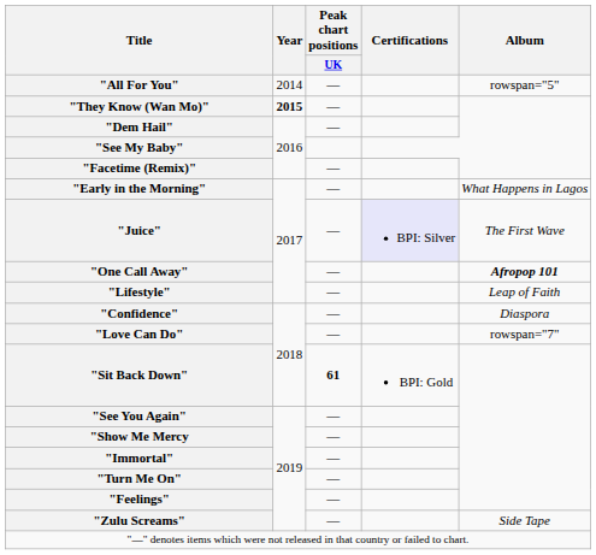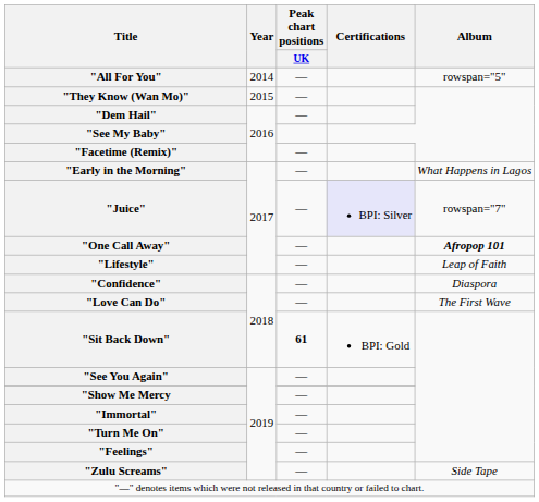 <table class="wikitable plainrowheaders" style="text-align:center;">
 <tr>
 <th scope="col" rowspan="2" style="width:20em;">Title</th>
 <th scope="col" rowspan="2">Year</th>
 <th scope="col" colspan="1">Peak chart positions</th>
 <th scope="col" rowspan="2">Certifications</th>
 <th scope="col" rowspan="2">Album</th>
 </tr>
 <tr>
 <th scope="col" style="width:3em;font-size:90%;"><a href='#'>UK</a><br></th>
 </tr>
 <tr>
 <th scope="row">"All For You"<br></th>
 <td>2014</td>
 <td>—</td>
 <td></td>
 <td>rowspan="5" </td>
 </tr>
 <tr>
 <th scope="row">"They Know (Wan Mo)"<br></th>
-<td><strong>2015</strong></td>
+<td>2015</td>
 <td>—</td>
 <td></td>
 </tr>
 <tr>
 <th scope="row">"Dem Hail"<br></th>
 <td rowspan="3">2016</td>
 <td>—</td>
 <td></td>
 </tr>
 <tr>
 <th scope="row">"See My Baby"<br></th>
 <td></td>
 </tr>
 <tr>
 <th scope="row">"Facetime (Remix)"<br></th>
 <td>—</td>
 <td></td>
 </tr>
 <tr>
 <th scope="row">"Early in the Morning"<br></th>
 <td rowspan="4">2017</td>
 <td>—</td>
 <td></td>
 <td><em>What Happens in Lagos</em></td>
 </tr>
 <tr>
 <th scope="row">"Juice"<br></th>
 <td>—</td>
 <td style="background: lavender;"><br><ul><li>BPI: Silver</li></ul></td>
-<td><em>The First Wave</em></td>
+<td>rowspan="7" </td>
 </tr>
 <tr>
 <th scope="row">"One Call Away"<br></th>
 <td>—</td>
 <td></td>
 <td><strong><em>Afropop 101</em></strong></td>
 </tr>
 <tr>
 <th scope="row">"Lifestyle"<br></th>
 <td>—</td>
 <td></td>
 <td><em>Leap of Faith</em></td>
 </tr>
 <tr>
 <th scope="row">"Confidence"<br></th>
 <td rowspan="3">2018</td>
 <td>—</td>
 <td></td>
 <td><em>Diaspora</em></td>
 </tr>
 <tr>
 <th scope="row">"Love Can Do"<br></th>
 <td>—</td>
 <td></td>
-<td>rowspan="7" </td>
+<td><em>The First Wave</em></td>
 </tr>
 <tr>
 <th scope="row">"Sit Back Down"<br></th>
 <td><strong>61</strong></td>
 <td><br><ul><li>BPI: Gold</li></ul></td>
 </tr>
 <tr>
 <th scope="row">"See You Again"<br></th>
 <td rowspan="6">2019</td>
 <td>—</td>
 <td></td>
 </tr>
 <tr>
 <th scope="row">"Show Me Mercy<br></th>
 <td>—</td>
 <td></td>
 </tr>
 <tr>
 <th scope="row">"Immortal"<br></th>
 <td>—</td>
 <td></td>
 </tr>
 <tr>
 <th scope="row">"Turn Me On"<br></th>
 <td>—</td>
 <td></td>
 </tr>
 <tr>
 <th scope="row">"Feelings"<br></th>
 <td>—</td>
 <td></td>
 </tr>
 <tr>
 <th scope="row">"Zulu Screams"<br></th>
 <td>—</td>
 <td></td>
 <td><em>Side Tape</em></td>
 </tr>
 <tr>
 <td colspan="10" style="font-size:85%;">"—" denotes items which were not released in that country or failed to chart.</td>
 </tr>
 </table>
